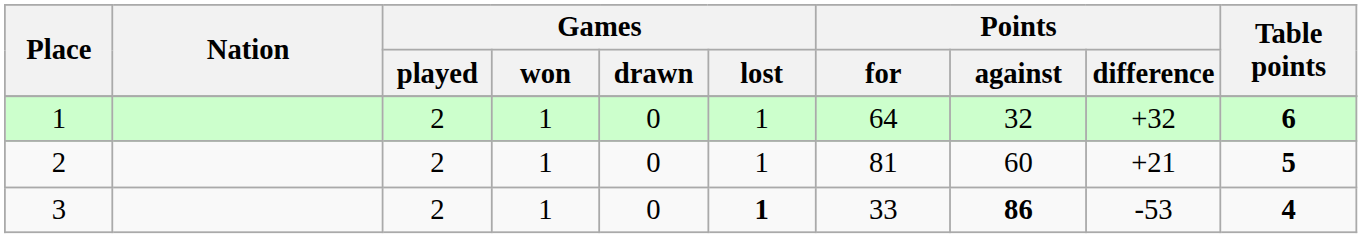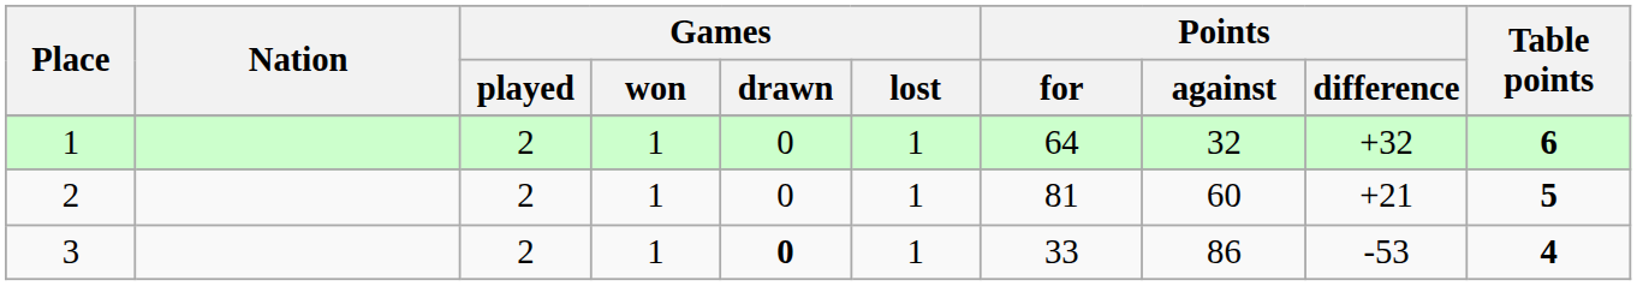 <table class="wikitable">
 <tr>
 <th rowspan=2 width="8%">Place</th>
 <th rowspan=2 width="20%">Nation</th>
 <th colspan=4 width="32%">Games</th>
 <th colspan=3 width="30%">Points</th>
 <th rowspan=2 width="10%">Table<br>points</th>
 </tr>
 <tr>
 <th width="8%">played</th>
 <th width="8%">won</th>
 <th width="8%">drawn</th>
 <th width="8%">lost</th>
 <th width="10%">for</th>
 <th width="10%">against</th>
 <th width="10%">difference</th>
 </tr>
 <tr>
 </tr>
 <tr bgcolor=#ccffcc align=center>
 <td>1</td>
 <td align=left></td>
 <td>2</td>
 <td>1</td>
 <td>0</td>
 <td>1</td>
 <td>64</td>
 <td>32</td>
 <td>+32</td>
 <td><strong>6</strong></td>
 </tr>
 <tr align=center>
 <td>2</td>
 <td align=left></td>
 <td>2</td>
 <td>1</td>
 <td>0</td>
 <td>1</td>
 <td>81</td>
 <td>60</td>
 <td>+21</td>
 <td><strong>5</strong></td>
 </tr>
 <tr align=center>
 <td>3</td>
 <td align=left></td>
 <td>2</td>
 <td>1</td>
-<td>0</td>
-<td><strong>1</strong></td>
+<td><strong>0</strong></td>
+<td>1</td>
 <td>33</td>
-<td><strong>86</strong></td>
+<td>86</td>
 <td>-53</td>
 <td><strong>4</strong></td>
 </tr>
 </table>
